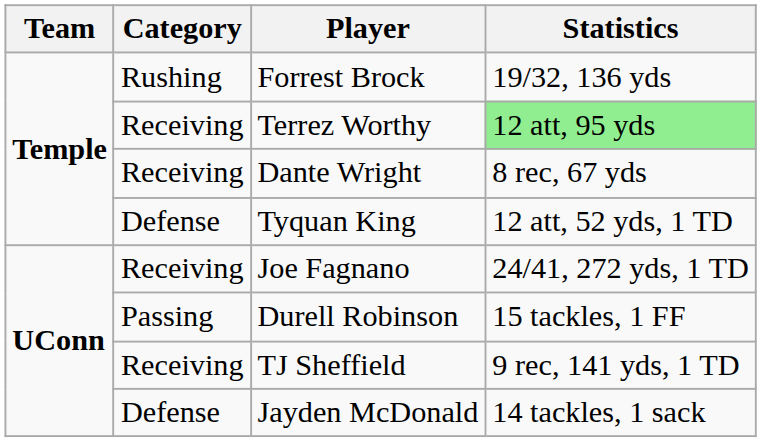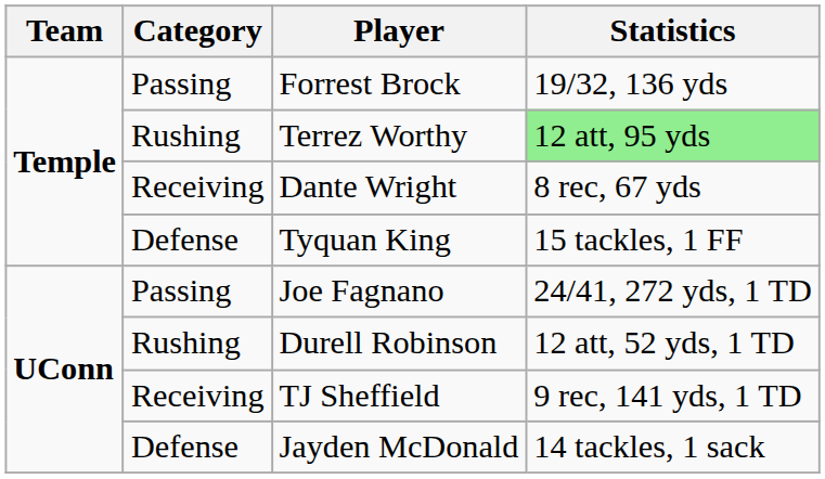 <table class="wikitable" style="float: right;">
 <tr>
 <th>Team</th>
 <th>Category</th>
 <th>Player</th>
 <th>Statistics</th>
 </tr>
 <tr>
 <td rowspan=4><strong>Temple</strong></td>
-<td>Rushing</td>
+<td>Passing</td>
 <td>Forrest Brock</td>
 <td>19/32, 136 yds</td>
 </tr>
 <tr>
-<td>Receiving</td>
+<td>Rushing</td>
 <td>Terrez Worthy</td>
 <td style="background: lightgreen;">12 att, 95 yds</td>
 </tr>
 <tr>
 <td>Receiving</td>
 <td>Dante Wright</td>
 <td>8 rec, 67 yds</td>
 </tr>
 <tr>
 <td>Defense</td>
 <td>Tyquan King</td>
-<td>12 att, 52 yds, 1 TD</td>
+<td>15 tackles, 1 FF</td>
 </tr>
 <tr>
 <td rowspan=4><strong>UConn</strong></td>
-<td>Receiving</td>
+<td>Passing</td>
 <td>Joe Fagnano</td>
 <td>24/41, 272 yds, 1 TD</td>
 </tr>
 <tr>
-<td>Passing</td>
+<td>Rushing</td>
 <td>Durell Robinson</td>
-<td>15 tackles, 1 FF</td>
+<td>12 att, 52 yds, 1 TD</td>
 </tr>
 <tr>
 <td>Receiving</td>
 <td>TJ Sheffield</td>
 <td>9 rec, 141 yds, 1 TD</td>
 </tr>
 <tr>
 <td>Defense</td>
 <td>Jayden McDonald</td>
 <td>14 tackles, 1 sack</td>
 </tr>
 </table>
